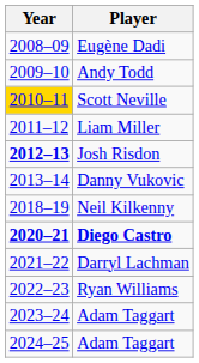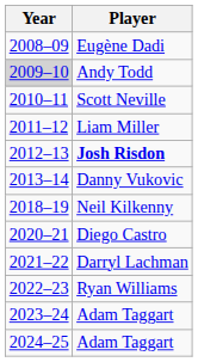 <table class="wikitable">
 <tr>
 <th>Year</th>
 <th>Player</th>
 </tr>
 <tr>
 <td><a href='#'>2008–09</a></td>
 <td> <a href='#'>Eugène Dadi</a></td>
 </tr>
 <tr>
-<td><a href='#'>2009–10</a></td>
+<td style="background: lightgrey;"><a href='#'>2009–10</a></td>
 <td> <a href='#'>Andy Todd</a></td>
 </tr>
 <tr>
-<td style="background: gold;"><a href='#'>2010–11</a></td>
+<td><a href='#'>2010–11</a></td>
 <td> <a href='#'>Scott Neville</a></td>
 </tr>
 <tr>
 <td><a href='#'>2011–12</a></td>
 <td> <a href='#'>Liam Miller</a></td>
 </tr>
 <tr>
-<td><strong><a href='#'>2012–13</a></strong></td>
-<td> <a href='#'>Josh Risdon</a></td>
+<td><a href='#'>2012–13</a></td>
+<td><strong> <a href='#'>Josh Risdon</a></strong></td>
 </tr>
 <tr>
 <td><a href='#'>2013–14</a></td>
 <td> <a href='#'>Danny Vukovic</a></td>
 </tr>
 <tr>
 <td><a href='#'>2018–19</a></td>
 <td> <a href='#'>Neil Kilkenny</a></td>
 </tr>
 <tr>
-<td><strong><a href='#'>2020–21</a></strong></td>
-<td><strong> <a href='#'>Diego Castro</a></strong></td>
+<td><a href='#'>2020–21</a></td>
+<td> <a href='#'>Diego Castro</a></td>
 </tr>
 <tr>
 <td><a href='#'>2021–22</a></td>
 <td> <a href='#'>Darryl Lachman</a></td>
 </tr>
 <tr>
 <td><a href='#'>2022–23</a></td>
 <td> <a href='#'>Ryan Williams</a></td>
 </tr>
 <tr>
 <td><a href='#'>2023–24</a></td>
 <td> <a href='#'>Adam Taggart</a></td>
 </tr>
 <tr>
 <td><a href='#'>2024–25</a></td>
 <td> <a href='#'>Adam Taggart</a></td>
 </tr>
 </table>
